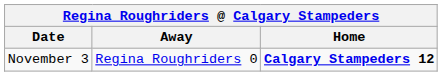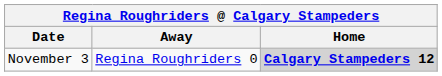 <table class="wikitable">
 <tr>
 <th colspan=4><a href='#'>Regina Roughriders</a> @ <a href='#'>Calgary Stampeders</a></th>
 </tr>
 <tr>
 <th>Date</th>
 <th>Away</th>
 <th>Home</th>
 </tr>
 <tr>
 <td>November 3</td>
 <td><a href='#'>Regina Roughriders</a> 0</td>
-<td><strong><a href='#'>Calgary Stampeders</a> 12</strong></td>
+<td style="background: lightgrey;"><strong><a href='#'>Calgary Stampeders</a> 12</strong></td>
 </tr>
 </table>
